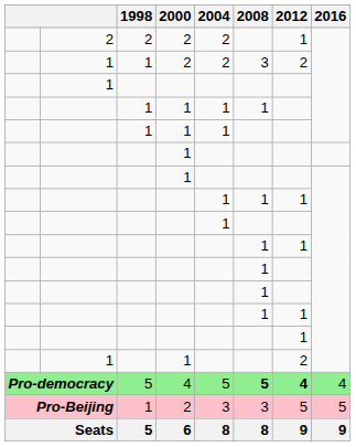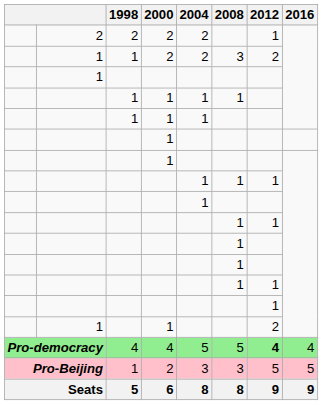 <table class="wikitable" style="text-align: right;">
 <tr bgcolor="#CCCCCC">
 <th colspan=2></th>
 <th>1998</th>
 <th>2000</th>
 <th>2004</th>
 <th>2008</th>
 <th>2012</th>
 <th>2016</th>
 </tr>
 <tr>
 <td></td>
 <td>2</td>
 <td>2</td>
 <td>2</td>
 <td>2</td>
 <td></td>
 <td>1</td>
 </tr>
 <tr>
 <td></td>
 <td>1</td>
 <td>1</td>
 <td>2</td>
 <td>2</td>
 <td>3</td>
 <td>2</td>
 </tr>
 <tr>
 <td></td>
 <td>1</td>
 <td></td>
 <td></td>
 <td></td>
 <td></td>
 <td></td>
 </tr>
 <tr>
 <td></td>
 <td></td>
 <td>1</td>
 <td>1</td>
 <td>1</td>
 <td>1</td>
 <td></td>
 </tr>
 <tr>
 <td></td>
 <td></td>
 <td>1</td>
 <td>1</td>
 <td>1</td>
 <td></td>
 <td></td>
 </tr>
 <tr>
 <td></td>
 <td align=left></td>
 <td></td>
 <td>1</td>
 <td></td>
 <td></td>
 <td></td>
 <td></td>
 </tr>
 <tr>
 <td></td>
 <td></td>
 <td></td>
 <td>1</td>
 <td></td>
 <td></td>
 <td></td>
 </tr>
 <tr>
 <td></td>
 <td></td>
 <td></td>
 <td></td>
 <td>1</td>
 <td>1</td>
 <td>1</td>
 </tr>
 <tr>
 <td></td>
 <td></td>
 <td></td>
 <td></td>
 <td>1</td>
 <td></td>
 <td></td>
 </tr>
 <tr>
 <td></td>
 <td></td>
 <td></td>
 <td></td>
 <td></td>
 <td>1</td>
 <td>1</td>
 </tr>
 <tr>
 <td></td>
 <td></td>
 <td></td>
 <td></td>
 <td></td>
 <td>1</td>
 <td></td>
 </tr>
 <tr>
 <td></td>
 <td></td>
 <td></td>
 <td></td>
 <td></td>
 <td>1</td>
 <td></td>
 </tr>
 <tr>
 <td></td>
 <td></td>
 <td></td>
 <td></td>
 <td></td>
 <td>1</td>
 <td>1</td>
 </tr>
 <tr>
 <td></td>
 <td></td>
 <td></td>
 <td></td>
 <td></td>
 <td></td>
 <td>1</td>
 </tr>
 <tr>
 <td></td>
 <td>1</td>
 <td></td>
 <td>1</td>
 <td></td>
 <td></td>
 <td>2</td>
 </tr>
 <tr bgcolor=lightgreen>
 <td colspan=2><strong><em>Pro-democracy</em></strong></td>
-<td>5</td>
+<td>4</td>
 <td>4</td>
 <td>5</td>
-<td><strong>5</strong></td>
+<td>5</td>
 <td><strong>4</strong></td>
 <td>4</td>
 </tr>
 <tr bgcolor=pink>
 <td colspan=2><strong><em>Pro-Beijing</em></strong></td>
 <td>1</td>
 <td>2</td>
 <td>3</td>
 <td>3</td>
 <td>5</td>
 <td>5</td>
 </tr>
 <tr class="sortbottom" bgcolor="#F2F2F2">
 <td colspan=2><strong>Seats</strong></td>
 <td><strong>5</strong></td>
 <td><strong>6</strong></td>
 <td><strong>8</strong></td>
 <td><strong>8</strong></td>
 <td><strong>9</strong></td>
 <td><strong>9</strong></td>
 </tr>
 </table>
